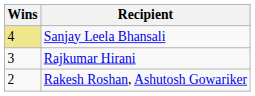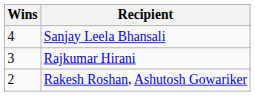 <table class="wikitable">
 <tr>
 <th>Wins</th>
 <th>Recipient</th>
 </tr>
 <tr>
-<td style="background: khaki;">4</td>
+<td>4</td>
 <td><a href='#'>Sanjay Leela Bhansali</a></td>
 </tr>
 <tr>
 <td>3</td>
 <td><a href='#'>Rajkumar Hirani</a></td>
 </tr>
 <tr>
 <td>2</td>
 <td><a href='#'>Rakesh Roshan</a>, <a href='#'>Ashutosh Gowariker</a></td>
 </tr>
 </table>
